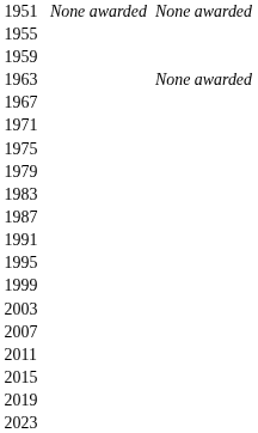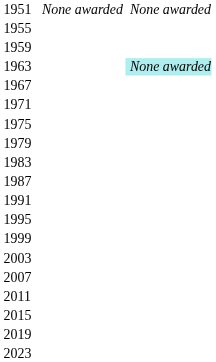 <table>
 <tr>
 <td>1951</td>
 <td></td>
 <td> <em>None awarded</em></td>
 <td> <em>None awarded</em></td>
 </tr>
 <tr>
 <td>1955</td>
 <td></td>
 <td></td>
 <td></td>
 </tr>
 <tr>
 <td>1959</td>
 <td></td>
 <td></td>
 <td></td>
 </tr>
 <tr>
 <td>1963</td>
 <td></td>
 <td></td>
-<td> <em>None awarded</em></td>
+<td style="background: paleturquoise;"> <em>None awarded</em></td>
 </tr>
 <tr>
 <td>1967</td>
 <td></td>
 <td></td>
 <td></td>
 </tr>
 <tr>
 <td>1971</td>
 <td></td>
 <td></td>
 <td></td>
 </tr>
 <tr>
 <td>1975</td>
 <td></td>
 <td></td>
 <td></td>
 </tr>
 <tr>
 <td>1979</td>
 <td></td>
 <td></td>
 <td></td>
 </tr>
 <tr>
 <td>1983</td>
 <td></td>
 <td></td>
 <td></td>
 </tr>
 <tr>
 <td>1987</td>
 <td></td>
 <td></td>
 <td></td>
 </tr>
 <tr>
 <td>1991</td>
 <td></td>
 <td></td>
 <td></td>
 </tr>
 <tr>
 <td>1995</td>
 <td></td>
 <td></td>
 <td></td>
 </tr>
 <tr>
 <td>1999</td>
 <td></td>
 <td></td>
 <td></td>
 </tr>
 <tr>
 <td>2003</td>
 <td></td>
 <td></td>
 <td></td>
 </tr>
 <tr>
 <td>2007<br></td>
 <td></td>
 <td></td>
 <td></td>
 </tr>
 <tr>
 <td>2011<br></td>
 <td></td>
 <td></td>
 <td></td>
 </tr>
 <tr>
 <td>2015<br></td>
 <td></td>
 <td></td>
 <td></td>
 </tr>
 <tr>
 <td>2019<br></td>
 <td></td>
 <td></td>
 <td></td>
 </tr>
 <tr>
 <td>2023<br></td>
 <td></td>
 <td></td>
 <td></td>
 </tr>
 </table>
